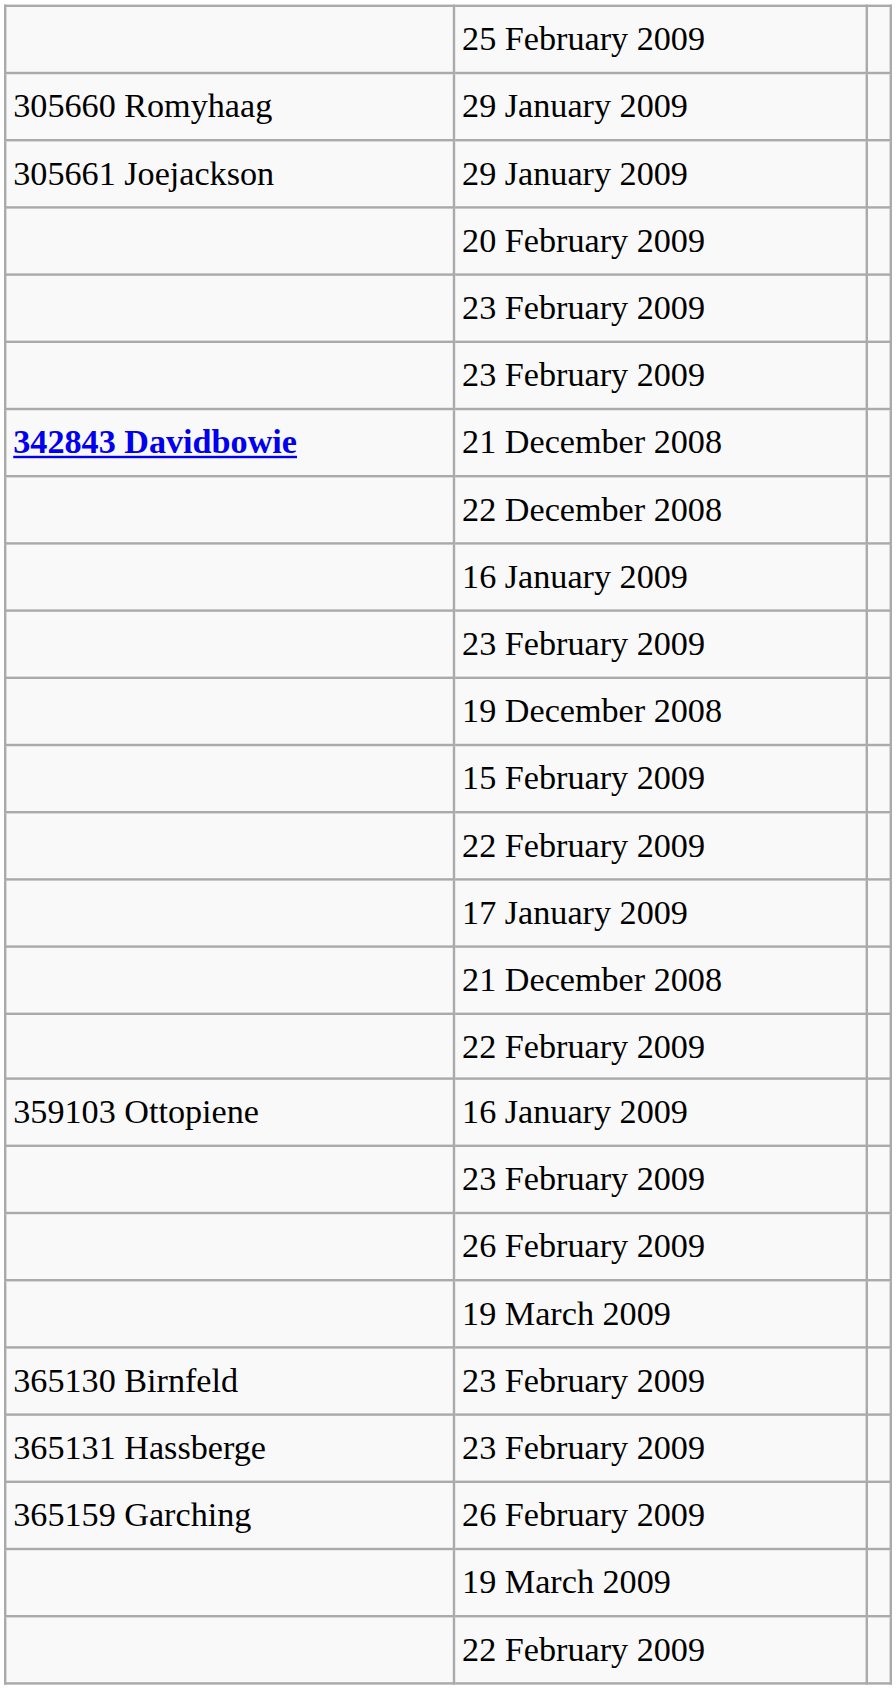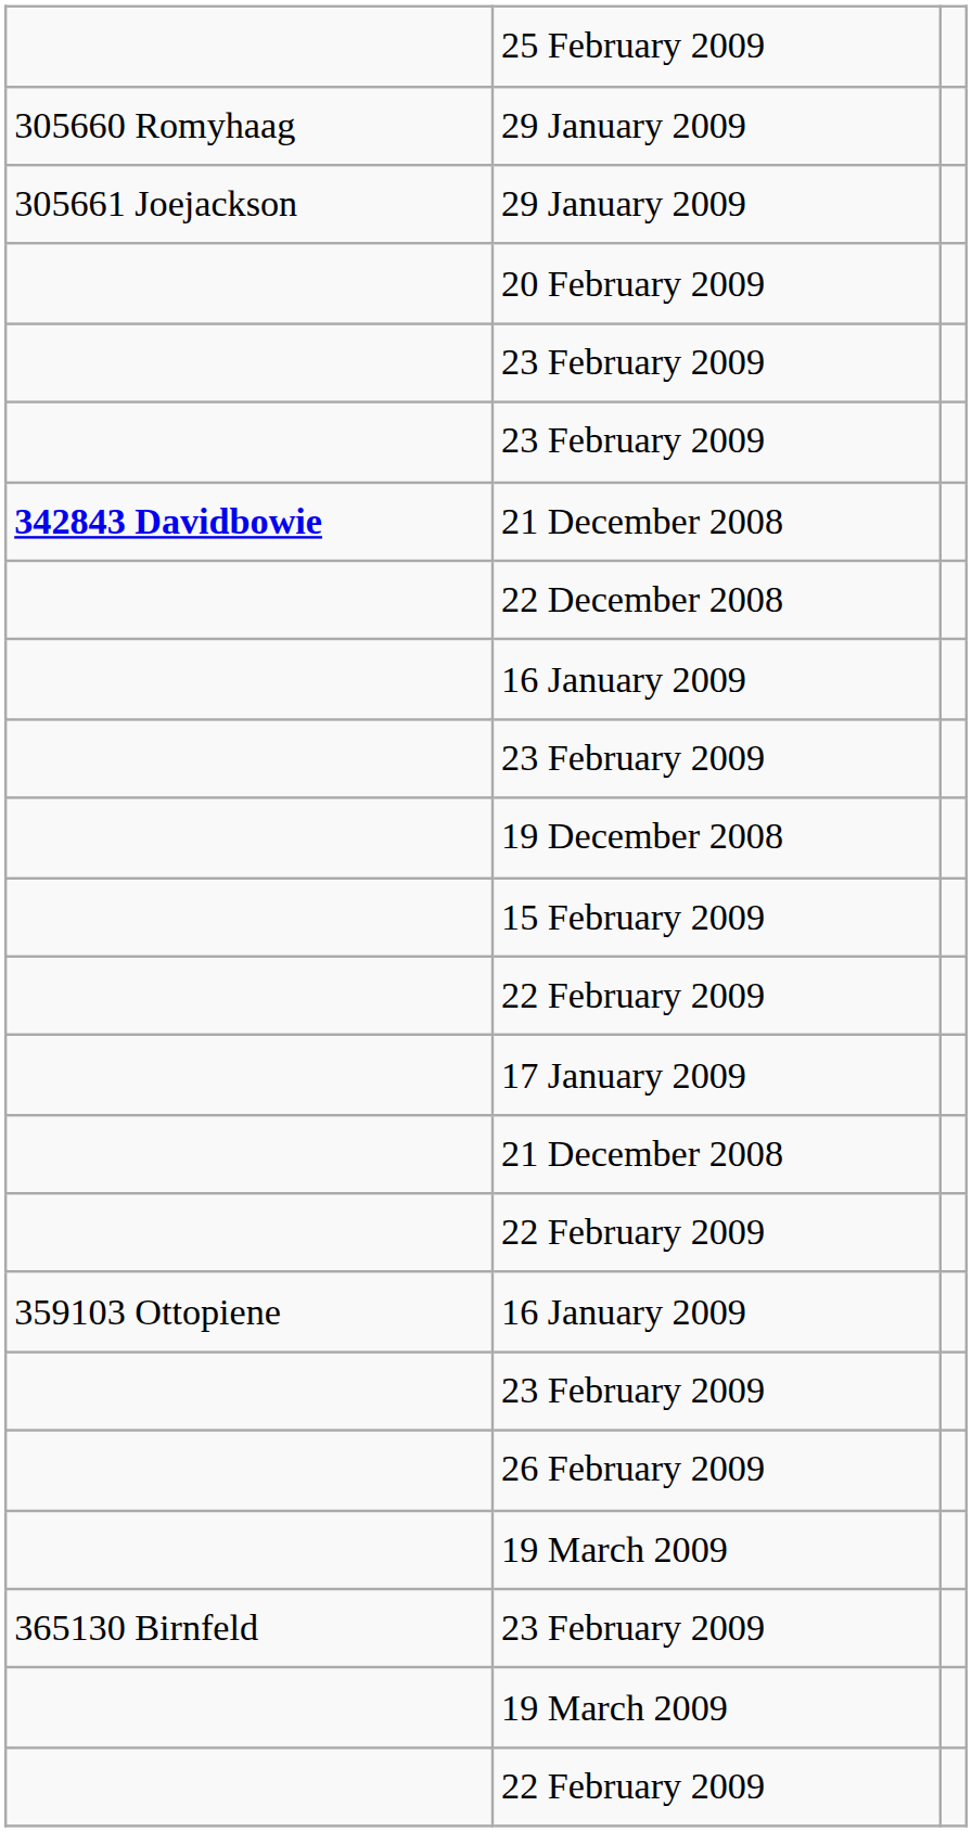 <table class="wikitable" style="font-size: 89%; float: left; width: 26em; margin-right: 1em; height: 700px;">
 <tr>
 <td></td>
 <td>25 February 2009</td>
 <td></td>
 </tr>
 <tr>
 <td>305660 Romyhaag</td>
 <td>29 January 2009</td>
 <td></td>
 </tr>
 <tr>
 <td>305661 Joejackson</td>
 <td>29 January 2009</td>
 <td></td>
 </tr>
 <tr>
 <td></td>
 <td>20 February 2009</td>
 <td></td>
 </tr>
 <tr>
 <td></td>
 <td>23 February 2009</td>
 <td></td>
 </tr>
 <tr>
 <td></td>
 <td>23 February 2009</td>
 <td></td>
 </tr>
 <tr>
 <td><strong><a href='#'>342843 Davidbowie</a></strong></td>
 <td>21 December 2008</td>
 <td></td>
 </tr>
 <tr>
 <td></td>
 <td>22 December 2008</td>
 <td></td>
 </tr>
 <tr>
 <td></td>
 <td>16 January 2009</td>
 <td></td>
 </tr>
 <tr>
 <td></td>
 <td>23 February 2009</td>
 <td></td>
 </tr>
 <tr>
 <td></td>
 <td>19 December 2008</td>
 <td></td>
 </tr>
 <tr>
 <td></td>
 <td>15 February 2009</td>
 <td></td>
 </tr>
 <tr>
 <td></td>
 <td>22 February 2009</td>
 <td></td>
 </tr>
 <tr>
 <td></td>
 <td>17 January 2009</td>
 <td></td>
 </tr>
 <tr>
 <td></td>
 <td>21 December 2008</td>
 <td></td>
 </tr>
 <tr>
 <td></td>
 <td>22 February 2009</td>
 <td></td>
 </tr>
 <tr>
 <td>359103 Ottopiene</td>
 <td>16 January 2009</td>
 <td></td>
 </tr>
 <tr>
 <td></td>
 <td>23 February 2009</td>
 <td></td>
 </tr>
 <tr>
 <td></td>
 <td>26 February 2009</td>
 <td></td>
 </tr>
 <tr>
 <td></td>
 <td>19 March 2009</td>
 <td></td>
 </tr>
 <tr>
 <td>365130 Birnfeld</td>
 <td>23 February 2009</td>
 <td></td>
 </tr>
 <tr>
-<td>365131 Hassberge</td>
-<td>23 February 2009</td>
-<td></td>
-</tr>
-<tr>
-<td>365159 Garching</td>
-<td>26 February 2009</td>
-<td></td>
-</tr>
-<tr>
 <td></td>
 <td>19 March 2009</td>
 <td></td>
 </tr>
 <tr>
 <td></td>
 <td>22 February 2009</td>
 <td></td>
 </tr>
 </table>
